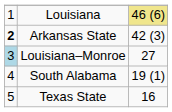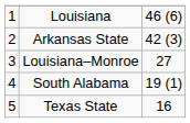 <table class="wikitable" style="display: inline-table;">
 <tr align="center">
 </tr>
 <tr align="center">
 <td>1</td>
 <td>Louisiana</td>
-<td style="background: khaki;">46 (6)</td>
+<td>46 (6)</td>
 </tr>
 <tr align="center">
-<td><strong>2</strong></td>
+<td>2</td>
 <td>Arkansas State</td>
 <td>42 (3)</td>
 </tr>
 <tr align="center">
-<td style="background: lightblue;">3</td>
+<td>3</td>
 <td>Louisiana–Monroe</td>
 <td>27</td>
 </tr>
 <tr align="center">
 <td>4</td>
 <td>South Alabama</td>
 <td>19 (1)</td>
 </tr>
 <tr align="center">
 <td>5</td>
 <td>Texas State</td>
 <td>16</td>
 </tr>
 </table>
